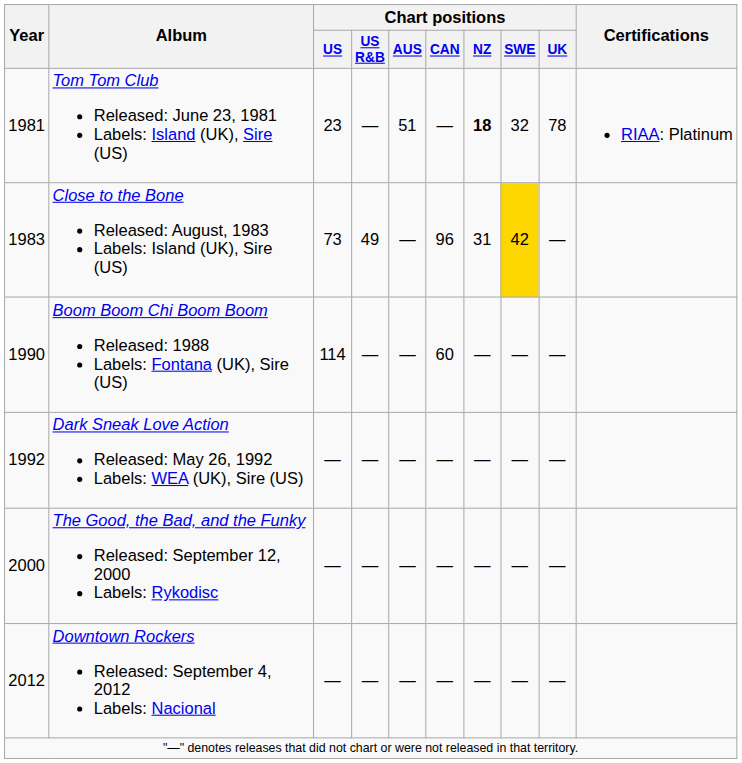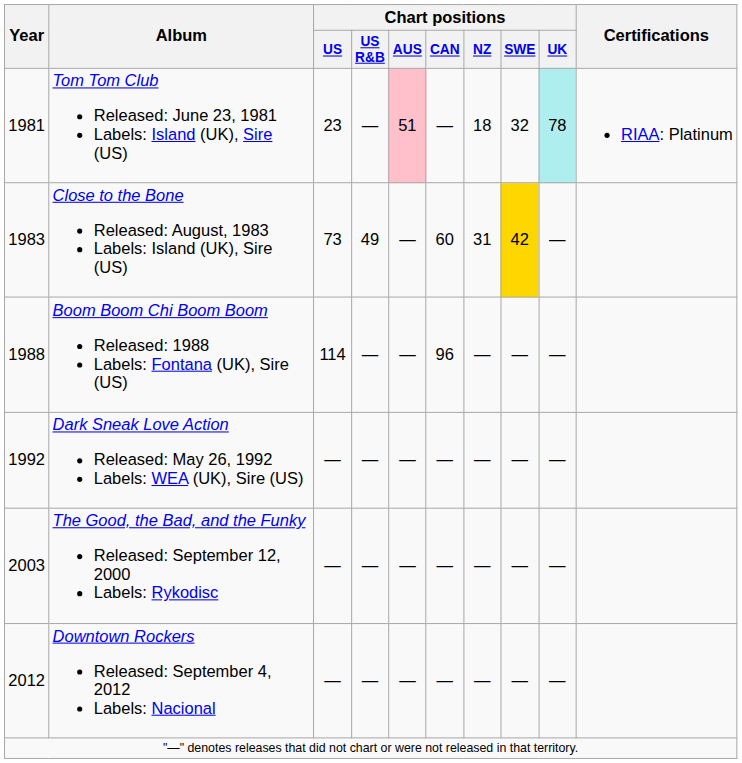 <table class="wikitable" style="text-align:center;">
 <tr>
 <th rowspan="2">Year</th>
 <th rowspan="2" style="width:250px;">Album</th>
 <th colspan="7">Chart positions</th>
 <th rowspan="2">Certifications</th>
 </tr>
 <tr style="font-size:smaller;">
 <th style="width:30px;"><a href='#'>US</a><br></th>
 <th style="width:30px;"><a href='#'>US R&B</a><br></th>
 <th style="width:30px;"><a href='#'>AUS</a><br></th>
 <th style="width:30px;"><a href='#'>CAN</a><br></th>
 <th style="width:30px;"><a href='#'>NZ</a><br></th>
 <th style="width:30px;"><a href='#'>SWE</a><br></th>
 <th style="width:30px;"><a href='#'>UK</a><br></th>
 </tr>
 <tr>
 <td>1981</td>
 <td align=left><em><a href='#'>Tom Tom Club</a></em><br><ul><li>Released: June 23, 1981</li><li>Labels: <a href='#'>Island</a> (UK), <a href='#'>Sire</a> (US)</li></ul></td>
 <td>23</td>
 <td>—</td>
-<td>51</td>
+<td style="background: pink;">51</td>
 <td>—</td>
-<td><strong>18</strong></td>
+<td>18</td>
 <td>32</td>
-<td>78</td>
+<td style="background: paleturquoise;">78</td>
 <td><br><ul><li><a href='#'>RIAA</a>: Platinum</li></ul></td>
 </tr>
 <tr>
 <td>1983</td>
 <td align=left><em><a href='#'>Close to the Bone</a></em><br><ul><li>Released: August, 1983</li><li>Labels: Island (UK), Sire (US)</li></ul></td>
 <td>73</td>
 <td>49</td>
 <td>—</td>
-<td>96</td>
+<td>60</td>
 <td>31</td>
 <td style="background: gold;">42</td>
 <td>—</td>
 <td></td>
 </tr>
 <tr>
-<td>1990</td>
+<td>1988</td>
 <td align=left><em><a href='#'>Boom Boom Chi Boom Boom</a></em><br><ul><li>Released: 1988</li><li>Labels: <a href='#'>Fontana</a> (UK), Sire (US)</li></ul></td>
 <td>114</td>
 <td>—</td>
 <td>—</td>
-<td>60</td>
+<td>96</td>
 <td>—</td>
 <td>—</td>
 <td>—</td>
 <td></td>
 </tr>
 <tr>
 <td>1992</td>
 <td align=left><em><a href='#'>Dark Sneak Love Action</a></em><br><ul><li>Released: May 26, 1992</li><li>Labels: <a href='#'>WEA</a> (UK), Sire (US)</li></ul></td>
 <td>—</td>
 <td>—</td>
 <td>—</td>
 <td>—</td>
 <td>—</td>
 <td>—</td>
 <td>—</td>
 <td></td>
 </tr>
 <tr>
-<td>2000</td>
+<td>2003</td>
 <td align=left><em><a href='#'>The Good, the Bad, and the Funky</a></em><br><ul><li>Released: September 12, 2000</li><li>Labels: <a href='#'>Rykodisc</a></li></ul></td>
 <td>—</td>
 <td>—</td>
 <td>—</td>
 <td>—</td>
 <td>—</td>
 <td>—</td>
 <td>—</td>
 <td></td>
 </tr>
 <tr>
 <td>2012</td>
 <td align=left><em><a href='#'>Downtown Rockers</a></em><br><ul><li>Released: September 4, 2012</li><li>Labels: <a href='#'>Nacional</a></li></ul></td>
 <td>—</td>
 <td>—</td>
 <td>—</td>
 <td>—</td>
 <td>—</td>
 <td>—</td>
 <td>—</td>
 <td></td>
 </tr>
 <tr>
 <td colspan="10" style="text-align:center; font-size:9pt;">"—" denotes releases that did not chart or were not released in that territory.</td>
 </tr>
 </table>
